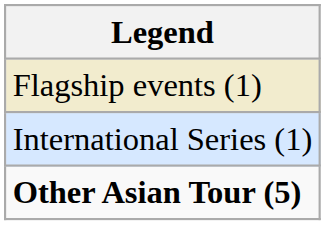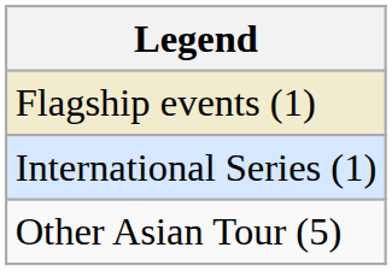 <table class="wikitable" style="font-size:95%;">
 <tr>
 <th>Legend</th>
 </tr>
 <tr style="background:#f2ecce;">
 <td>Flagship events (1)</td>
 </tr>
 <tr style="background:#D6E8FF;">
 <td>International Series (1)</td>
 </tr>
 <tr>
-<td><strong>Other Asian Tour (5)</strong></td>
+<td>Other Asian Tour (5)</td>
 </tr>
 </table>
